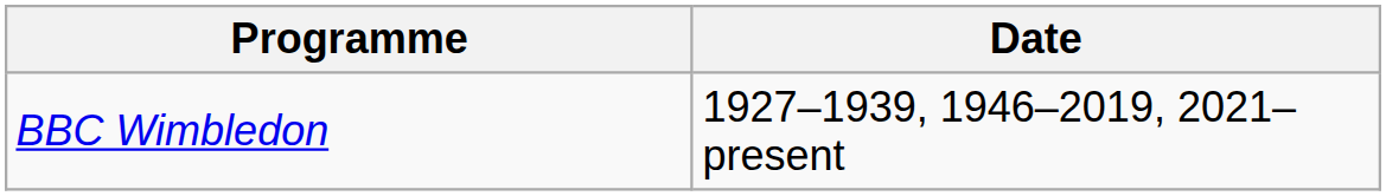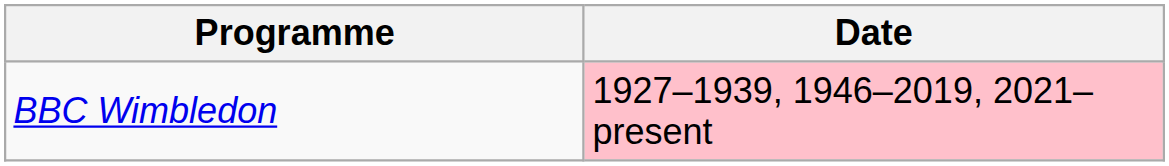 <table class="wikitable">
 <tr>
 <th width=250>Programme</th>
 <th width=250>Date</th>
 </tr>
 <tr>
 <td><em><a href='#'>BBC Wimbledon</a></em></td>
-<td>1927–1939, 1946–2019, 2021–present</td>
+<td style="background: pink;">1927–1939, 1946–2019, 2021–present</td>
 </tr>
 </table>
